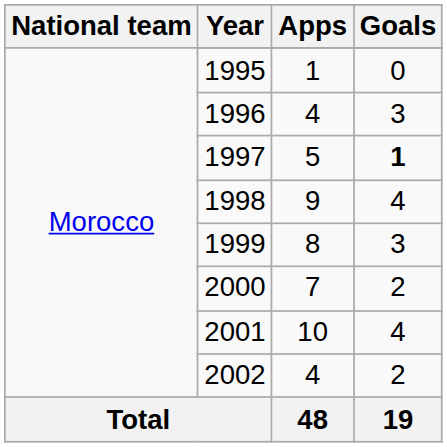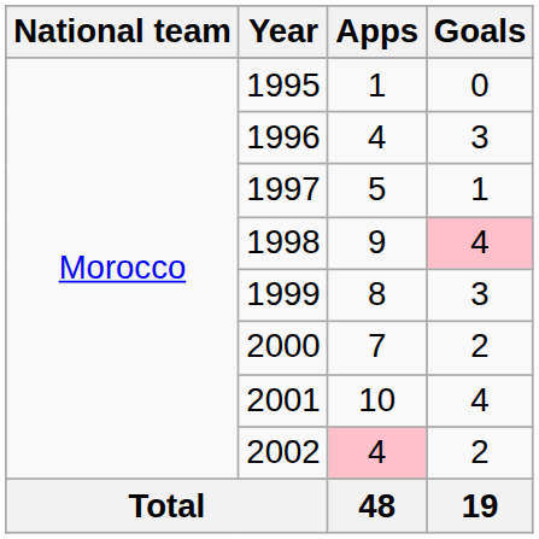 <table class="wikitable" style="text-align:center">
 <tr>
 <th>National team</th>
 <th>Year</th>
 <th>Apps</th>
 <th>Goals</th>
 </tr>
 <tr>
 <td rowspan="9"><a href='#'>Morocco</a></td>
 </tr>
 <tr>
 <td>1995</td>
 <td>1</td>
 <td>0</td>
 </tr>
 <tr>
 <td>1996</td>
 <td>4</td>
 <td>3</td>
 </tr>
 <tr>
 <td>1997</td>
 <td>5</td>
-<td><strong>1</strong></td>
+<td>1</td>
 </tr>
 <tr>
 <td>1998</td>
 <td>9</td>
-<td>4</td>
+<td style="background: pink;">4</td>
 </tr>
 <tr>
 <td>1999</td>
 <td>8</td>
 <td>3</td>
 </tr>
 <tr>
 <td>2000</td>
 <td>7</td>
 <td>2</td>
 </tr>
 <tr>
 <td>2001</td>
 <td>10</td>
 <td>4</td>
 </tr>
 <tr>
 <td>2002</td>
-<td>4</td>
+<td style="background: pink;">4</td>
 <td>2</td>
 </tr>
 <tr>
 <th colspan="2">Total</th>
 <th>48</th>
 <th>19</th>
 </tr>
 </table>
